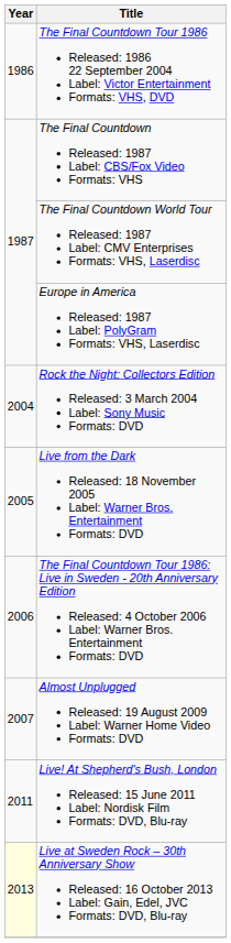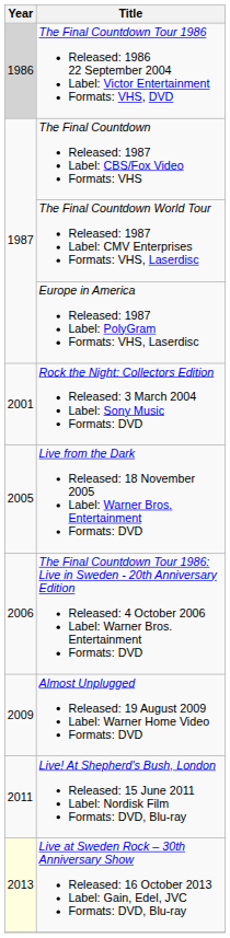 <table class="wikitable">
 <tr>
 <th>Year</th>
 <th rowspan="1" width="250">Title</th>
 </tr>
 <tr>
-<td>1986</td>
+<td style="background: lightgrey;">1986</td>
 <td><em><a href='#'>The Final Countdown Tour 1986</a></em><br><ul><li>Released: 1986<br>22 September 2004</li><li>Label: <a href='#'>Victor Entertainment</a></li><li>Formats: <a href='#'>VHS</a>, <a href='#'>DVD</a></li></ul></td>
 </tr>
 <tr>
 <td rowspan="3">1987</td>
 <td><em>The Final Countdown</em><br><ul><li>Released: 1987</li><li>Label: <a href='#'>CBS/Fox Video</a></li><li>Formats: VHS</li></ul></td>
 </tr>
 <tr>
 <td><em>The Final Countdown World Tour</em><br><ul><li>Released: 1987</li><li>Label: CMV Enterprises</li><li>Formats: VHS, <a href='#'>Laserdisc</a></li></ul></td>
 </tr>
 <tr>
 <td><em>Europe in America</em><br><ul><li>Released: 1987</li><li>Label: <a href='#'>PolyGram</a></li><li>Formats: VHS, Laserdisc</li></ul></td>
 </tr>
 <tr>
-<td>2004</td>
+<td>2001</td>
 <td><em><a href='#'>Rock the Night: Collectors Edition</a></em><br><ul><li>Released: 3 March 2004</li><li>Label: <a href='#'>Sony Music</a></li><li>Formats: DVD</li></ul></td>
 </tr>
 <tr>
 <td>2005</td>
 <td><em><a href='#'>Live from the Dark</a></em><br><ul><li>Released: 18 November 2005</li><li>Label: <a href='#'>Warner Bros. Entertainment</a></li><li>Formats: DVD</li></ul></td>
 </tr>
 <tr>
 <td>2006</td>
 <td><em><a href='#'>The Final Countdown Tour 1986: <br>Live in Sweden - 20th Anniversary Edition</a></em><br><ul><li>Released: 4 October 2006</li><li>Label: Warner Bros. Entertainment</li><li>Formats: DVD</li></ul></td>
 </tr>
 <tr>
-<td>2007</td>
+<td>2009</td>
 <td><em><a href='#'>Almost Unplugged</a></em><br><ul><li>Released: 19 August 2009</li><li>Label: Warner Home Video</li><li>Formats: DVD</li></ul></td>
 </tr>
 <tr>
 <td>2011</td>
 <td><em><a href='#'>Live! At Shepherd's Bush, London</a></em><br><ul><li>Released: 15 June 2011</li><li>Label: Nordisk Film</li><li>Formats: DVD, Blu-ray</li></ul></td>
 </tr>
 <tr>
 <td style="background: lightyellow;">2013</td>
 <td><em><a href='#'>Live at Sweden Rock – 30th Anniversary Show</a></em><br><ul><li>Released: 16 October 2013</li><li>Label: Gain, Edel, JVC</li><li>Formats: DVD, Blu-ray</li></ul></td>
 </tr>
 <tr>
 </tr>
 </table>
